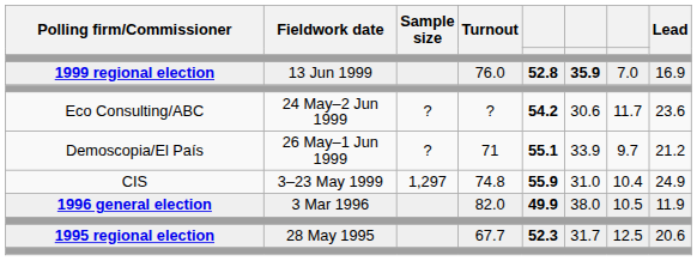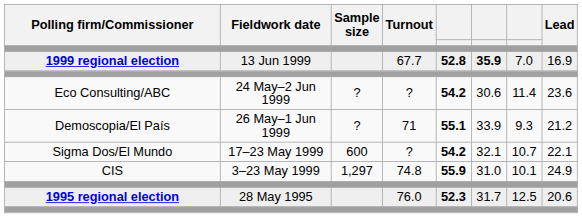 <table class="wikitable collapsible collapsed" style="text-align:center; font-size:95%; line-height:16px;">
 <tr style="height:42px;">
 <th style="width:250px;" rowspan="2">Polling firm/Commissioner</th>
 <th style="width:125px;" rowspan="2">Fieldwork date</th>
 <th style="width:50px;" rowspan="2">Sample size</th>
 <th style="width:45px;" rowspan="2">Turnout</th>
 <th style="width:35px;"></th>
 <th style="width:35px;"></th>
 <th style="width:35px;"></th>
 <th style="width:30px;" rowspan="2">Lead</th>
 </tr>
 <tr>
 <th style="color:inherit;background:"></th>
 <th style="color:inherit;background:"></th>
 <th style="color:inherit;background:"></th>
 </tr>
 <tr>
 <td colspan="8" style="background:#A0A0A0"></td>
 </tr>
 <tr style="background:#EFEFEF;">
 <td><strong><a href='#'>1999 regional election</a></strong></td>
 <td>13 Jun 1999</td>
 <td></td>
-<td>76.0</td>
+<td>67.7</td>
 <td><strong>52.8</strong><br></td>
 <td><strong>35.9<br></strong></td>
 <td>7.0<br></td>
 <td style="background:">16.9</td>
 </tr>
 <tr>
 <td colspan="8" style="background:#A0A0A0"></td>
 </tr>
 <tr>
 <td>Eco Consulting/ABC</td>
 <td>24 May–2 Jun 1999</td>
 <td>?</td>
 <td>?</td>
 <td><strong>54.2</strong><br></td>
 <td>30.6<br></td>
-<td>11.7<br></td>
+<td>11.4<br></td>
 <td style="background:">23.6</td>
 </tr>
 <tr>
 <td>Demoscopia/El País</td>
 <td>26 May–1 Jun 1999</td>
 <td>?</td>
 <td>71</td>
 <td><strong>55.1</strong><br></td>
 <td>33.9<br></td>
-<td>9.7<br></td>
+<td>9.3<br></td>
 <td style="background:">21.2</td>
+</tr>
+<tr>
+<td>Sigma Dos/El Mundo</td>
+<td>17–23 May 1999</td>
+<td>600</td>
+<td>?</td>
+<td><strong>54.2</strong><br></td>
+<td>32.1<br></td>
+<td>10.7<br></td>
+<td style="background:">22.1</td>
 </tr>
 <tr>
 <td>CIS</td>
 <td>3–23 May 1999</td>
 <td>1,297</td>
 <td>74.8</td>
 <td><strong>55.9</strong><br></td>
 <td>31.0<br></td>
-<td>10.4<br></td>
+<td>10.1<br></td>
 <td style="background:">24.9</td>
-</tr>
-<tr style="background:#EFEFEF;">
-<td><strong><a href='#'>1996 general election</a></strong></td>
-<td>3 Mar 1996</td>
-<td></td>
-<td>82.0</td>
-<td><strong>49.9</strong></td>
-<td>38.0</td>
-<td>10.5</td>
-<td style="background:">11.9</td>
 </tr>
 <tr>
 <td colspan="8" style="background:#A0A0A0"></td>
 </tr>
 <tr style="background:#EFEFEF;">
 <td><strong><a href='#'>1995 regional election</a></strong></td>
 <td>28 May 1995</td>
 <td></td>
-<td>67.7</td>
+<td>76.0</td>
 <td><strong>52.3</strong><br></td>
 <td>31.7<br></td>
 <td>12.5<br></td>
 <td style="background:">20.6</td>
 </tr>
 <tr>
 <td colspan="8" style="background:#A0A0A0"></td>
 </tr>
 </table>
